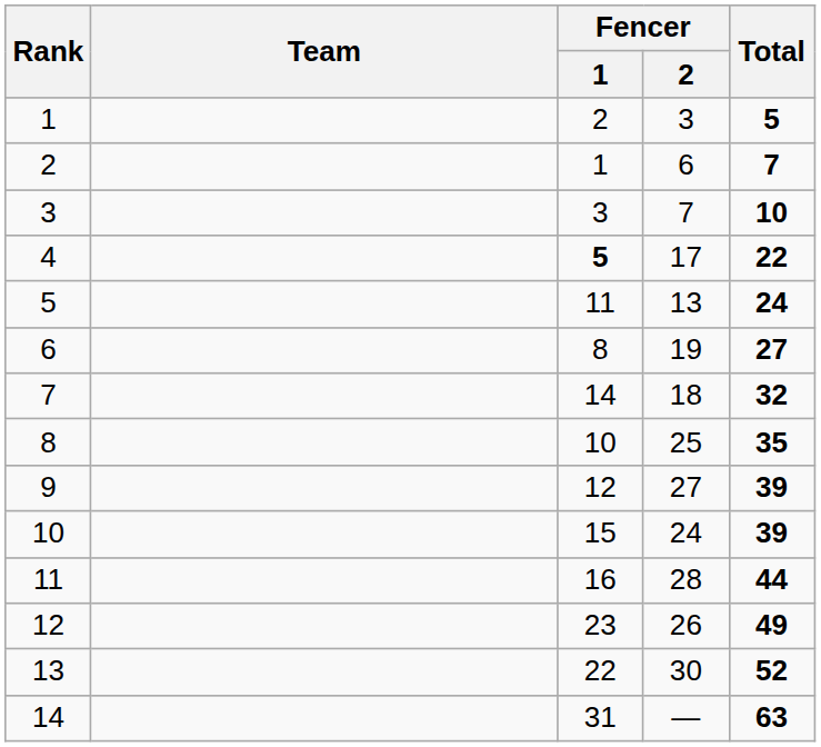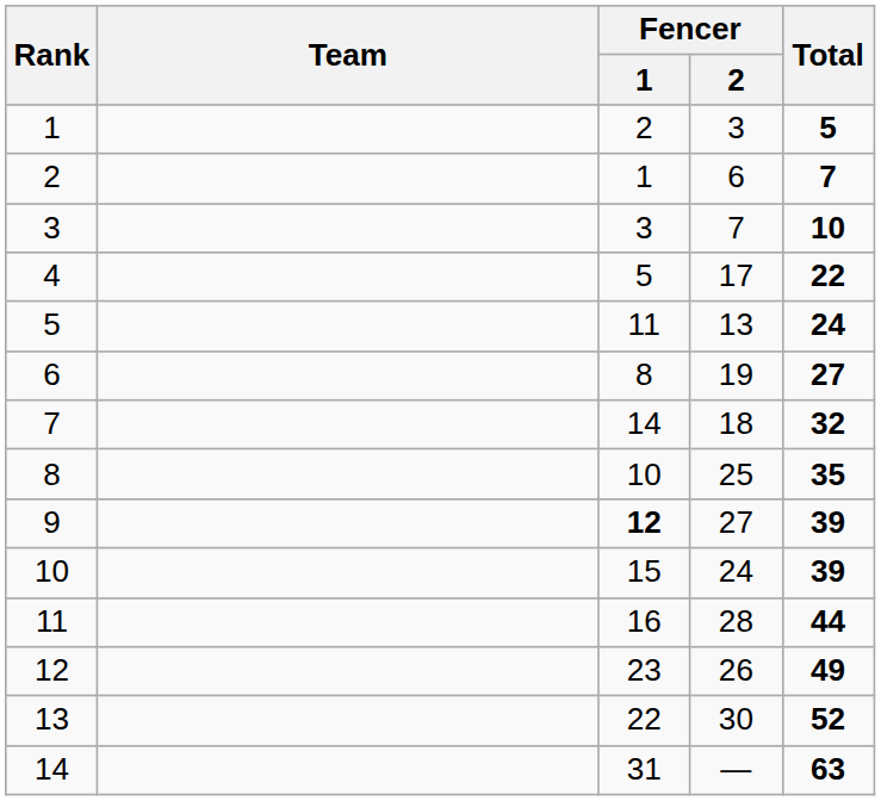 <table class=wikitable style="text-align:center">
 <tr>
 <th rowspan=2 width=40>Rank</th>
 <th rowspan=2 width=250>Team</th>
 <th colspan=2>Fencer</th>
 <th rowspan=2 width=40>Total</th>
 </tr>
 <tr>
 <th width=40>1</th>
 <th width=40>2</th>
 </tr>
 <tr>
 <td>1</td>
 <td align=left></td>
 <td>2</td>
 <td>3</td>
 <td><strong>5</strong></td>
 </tr>
 <tr>
 <td>2</td>
 <td align=left></td>
 <td>1</td>
 <td>6</td>
 <td><strong>7</strong></td>
 </tr>
 <tr>
 <td>3</td>
 <td align=left></td>
 <td>3</td>
 <td>7</td>
 <td><strong>10</strong></td>
 </tr>
 <tr>
 <td>4</td>
 <td align=left></td>
-<td><strong>5</strong></td>
+<td>5</td>
 <td>17</td>
 <td><strong>22</strong></td>
 </tr>
 <tr>
 <td>5</td>
 <td align=left></td>
 <td>11</td>
 <td>13</td>
 <td><strong>24</strong></td>
 </tr>
 <tr>
 <td>6</td>
 <td align=left></td>
 <td>8</td>
 <td>19</td>
 <td><strong>27</strong></td>
 </tr>
 <tr>
 <td>7</td>
 <td align=left></td>
 <td>14</td>
 <td>18</td>
 <td><strong>32</strong></td>
 </tr>
 <tr>
 <td>8</td>
 <td align=left></td>
 <td>10</td>
 <td>25</td>
 <td><strong>35</strong></td>
 </tr>
 <tr>
 <td>9</td>
 <td align=left></td>
-<td>12</td>
+<td><strong>12</strong></td>
 <td>27</td>
 <td><strong>39</strong></td>
 </tr>
 <tr>
 <td>10</td>
 <td align=left></td>
 <td>15</td>
 <td>24</td>
 <td><strong>39</strong></td>
 </tr>
 <tr>
 <td>11</td>
 <td align=left></td>
 <td>16</td>
 <td>28</td>
 <td><strong>44</strong></td>
 </tr>
 <tr>
 <td>12</td>
 <td align=left></td>
 <td>23</td>
 <td>26</td>
 <td><strong>49</strong></td>
 </tr>
 <tr>
 <td>13</td>
 <td align=left></td>
 <td>22</td>
 <td>30</td>
 <td><strong>52</strong></td>
 </tr>
 <tr>
 <td>14</td>
 <td align=left></td>
 <td>31</td>
 <td>—</td>
 <td><strong>63</strong></td>
 </tr>
 </table>
